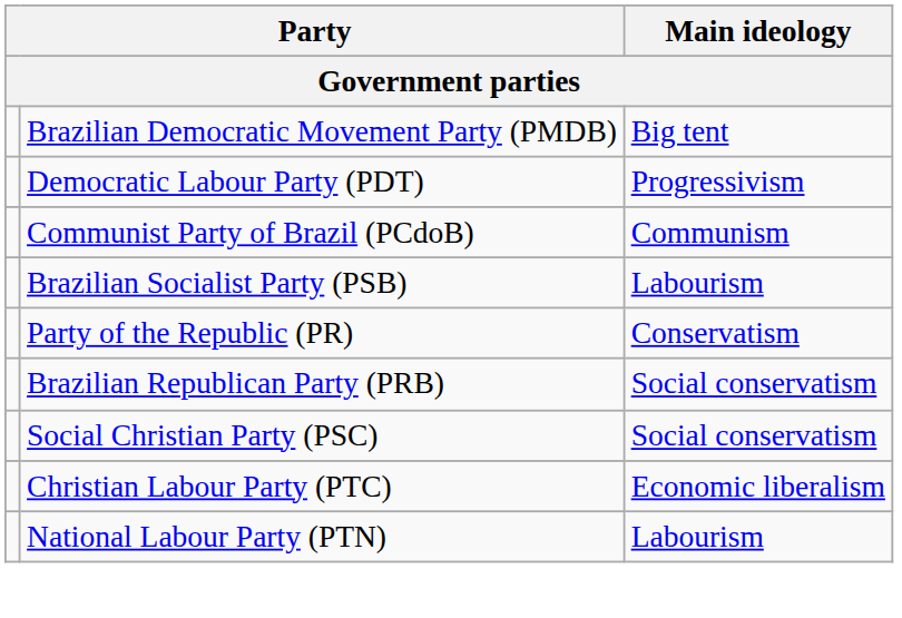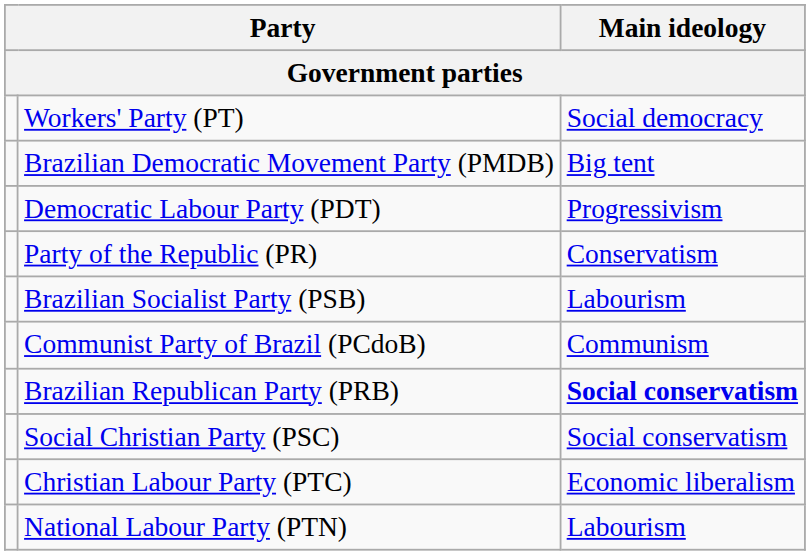 <table class="wikitable" style="font-size:95%">
 <tr>
 <th colspan=2>Party</th>
 <th>Main ideology</th>
 </tr>
 <tr>
 <th colspan=3>Government parties</th>
+</tr>
+<tr>
+<td style="color:inherit;background:"></td>
+<td><a href='#'>Workers' Party</a> (PT)</td>
+<td><a href='#'>Social democracy</a></td>
 </tr>
 <tr>
 <td style="color:inherit;background:"></td>
 <td><a href='#'>Brazilian Democratic Movement Party</a> (PMDB)</td>
 <td><a href='#'>Big tent</a></td>
 </tr>
 <tr>
 <td style="color:inherit;background:"></td>
 <td><a href='#'>Democratic Labour Party</a> (PDT)</td>
 <td><a href='#'>Progressivism</a></td>
 </tr>
 <tr>
 <td style="color:inherit;background:"></td>
-<td><a href='#'>Communist Party of Brazil</a> (PCdoB)</td>
-<td><a href='#'>Communism</a></td>
+<td><a href='#'>Party of the Republic</a> (PR)</td>
+<td><a href='#'>Conservatism</a></td>
 </tr>
 <tr>
 <td style="color:inherit;background:"></td>
 <td><a href='#'>Brazilian Socialist Party</a> (PSB)</td>
 <td><a href='#'>Labourism</a></td>
 </tr>
 <tr>
 <td style="color:inherit;background:"></td>
-<td><a href='#'>Party of the Republic</a> (PR)</td>
-<td><a href='#'>Conservatism</a></td>
+<td><a href='#'>Communist Party of Brazil</a> (PCdoB)</td>
+<td><a href='#'>Communism</a></td>
 </tr>
 <tr>
 <td style="color:inherit;background:"></td>
 <td><a href='#'>Brazilian Republican Party</a> (PRB)</td>
-<td><a href='#'>Social conservatism</a></td>
+<td><strong><a href='#'>Social conservatism</a></strong></td>
 </tr>
 <tr>
 <td style="color:inherit;background:"></td>
 <td><a href='#'>Social Christian Party</a> (PSC)</td>
 <td><a href='#'>Social conservatism</a></td>
 </tr>
 <tr>
 <td style="color:inherit;background:"></td>
 <td><a href='#'>Christian Labour Party</a> (PTC)</td>
 <td><a href='#'>Economic liberalism</a></td>
 </tr>
 <tr>
 <td style="color:inherit;background:"></td>
 <td><a href='#'>National Labour Party</a> (PTN)</td>
 <td><a href='#'>Labourism</a></td>
 </tr>
 </table>
